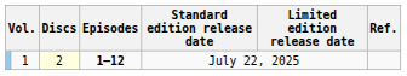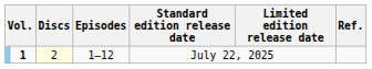 <table class="wikitable" style="text-align: center; width: 50%;">
 <tr>
 <th colspan="2">Vol.</th>
 <th>Discs</th>
 <th>Episodes</th>
 <th>Standard edition release date</th>
 <th>Limited edition release date</th>
 <th>Ref.</th>
 </tr>
 <tr>
 <td width="1%" style="background: #87CEFA;"></td>
-<td>1</td>
+<td><strong>1</strong></td>
 <td style="background: lightyellow;">2</td>
-<td><strong>1–12</strong></td>
+<td>1–12</td>
 <td colspan="2">July 22, 2025</td>
 <td></td>
 </tr>
 </table>
